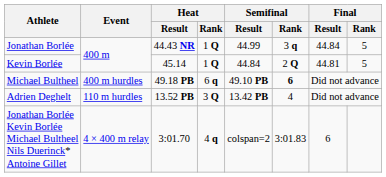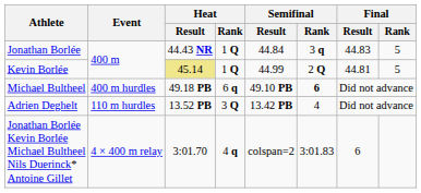 <table class="wikitable" style="font-size:90%">
 <tr>
 <th rowspan="2">Athlete</th>
 <th rowspan="2">Event</th>
 <th colspan="2">Heat</th>
 <th colspan="2">Semifinal</th>
 <th colspan="2">Final</th>
 </tr>
 <tr style="font-size:95%">
 <th>Result</th>
 <th>Rank</th>
 <th>Result</th>
 <th>Rank</th>
 <th>Result</th>
 <th>Rank</th>
 </tr>
 <tr align=center>
 <td align=left><a href='#'>Jonathan Borlée</a></td>
 <td align=left rowspan=2><a href='#'>400 m</a></td>
 <td>44.43 <strong><a href='#'>NR</a></strong></td>
 <td>1 <strong>Q</strong></td>
-<td>44.99</td>
+<td>44.84</td>
 <td>3 <strong>q</strong></td>
-<td>44.84</td>
+<td>44.83</td>
 <td>5</td>
 </tr>
 <tr align=center>
 <td align=left><a href='#'>Kevin Borlée</a></td>
-<td>45.14</td>
+<td style="background: khaki;">45.14</td>
 <td>1 <strong>Q</strong></td>
-<td>44.84</td>
+<td>44.99</td>
 <td>2 <strong>Q</strong></td>
 <td>44.81</td>
 <td>5</td>
 </tr>
 <tr align=center>
 <td align=left><a href='#'>Michael Bultheel</a></td>
 <td align=left><a href='#'>400 m hurdles</a></td>
 <td>49.18 <strong>PB</strong></td>
 <td>6 <strong>q</strong></td>
 <td>49.10 <strong>PB</strong></td>
 <td><strong>6</strong></td>
 <td align=center colspan=2>Did not advance</td>
 </tr>
 <tr align=center>
 <td align=left><a href='#'>Adrien Deghelt</a></td>
 <td align=left><a href='#'>110 m hurdles</a></td>
 <td>13.52 <strong>PB</strong></td>
 <td>3 <strong>Q</strong></td>
 <td>13.42 <strong>PB</strong></td>
 <td>4</td>
 <td colspan=2>Did not advance</td>
 </tr>
 <tr align=center>
 <td align=left><a href='#'>Jonathan Borlée</a><br><a href='#'>Kevin Borlée</a><br><a href='#'>Michael Bultheel</a><br><a href='#'>Nils Duerinck</a>*<br><a href='#'>Antoine Gillet</a></td>
 <td align=left><a href='#'>4 × 400 m relay</a><br></td>
 <td>3:01.70</td>
 <td>4 <strong>q</strong></td>
 <td>colspan=2 </td>
 <td>3:01.83</td>
 <td>6</td>
 </tr>
 </table>
